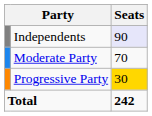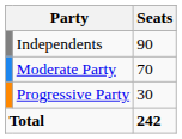 <table class=wikitable>
 <tr>
 <th colspan="2">Party</th>
 <th>Seats</th>
 </tr>
 <tr>
 <td align=center bgcolor=gray></td>
 <td>Independents</td>
-<td style="background: lavender;">90</td>
+<td>90</td>
 </tr>
 <tr>
 <td align=center bgcolor=#1C86EE></td>
 <td><a href='#'>Moderate Party</a></td>
 <td>70</td>
 </tr>
 <tr>
 <td align=center bgcolor=#FF8800></td>
 <td><a href='#'>Progressive Party</a></td>
-<td style="background: gold;">30</td>
+<td>30</td>
 </tr>
 <tr>
 <td colspan="2"><strong>Total</strong></td>
 <td><strong>242</strong></td>
 </tr>
 </table>
